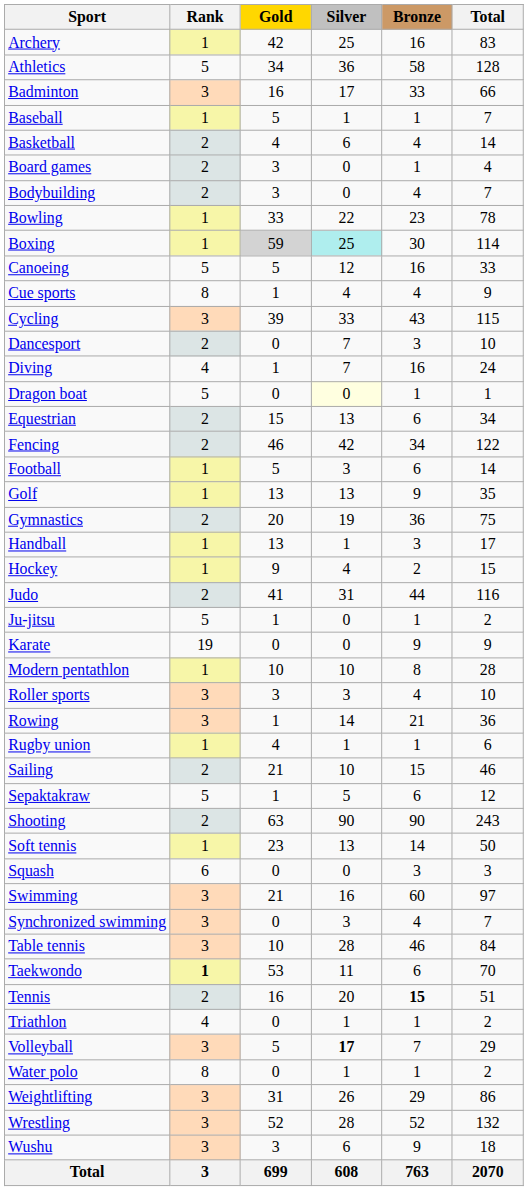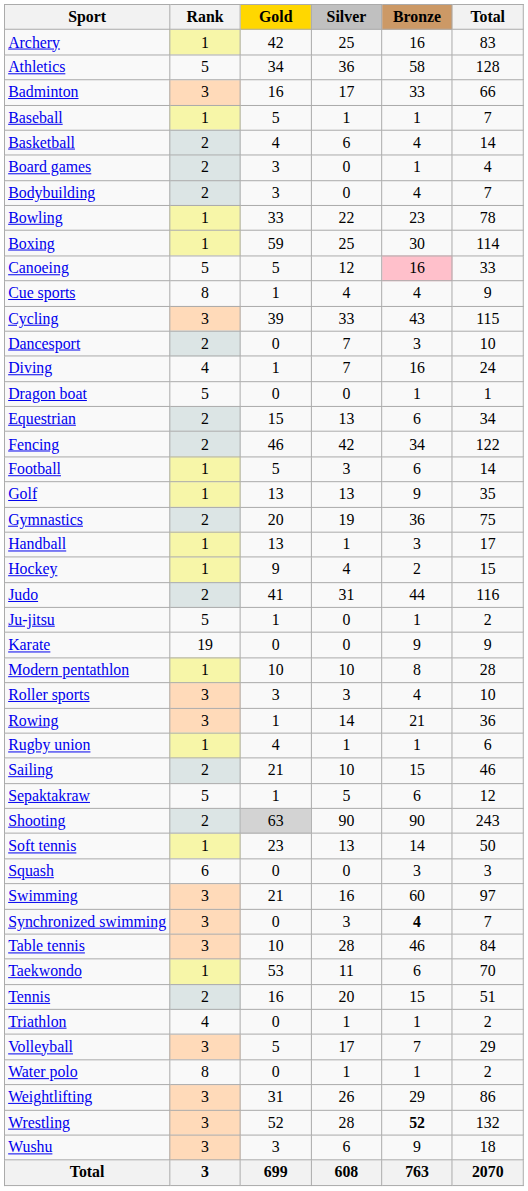 <table class="wikitable sortable" style="margin-top:0em; text-align:center; font-size:100%;">
 <tr>
 <th>Sport</th>
 <th style="width:4em;">Rank</th>
 <th style="background:gold; width:4em;"><strong>Gold</strong></th>
 <th style="background:silver; width:4em;"><strong>Silver</strong></th>
 <th style="background:#cc9966; width:4em;"><strong>Bronze</strong></th>
 <th style="width:4em;">Total</th>
 </tr>
 <tr>
 <td align=left><a href='#'>Archery</a></td>
 <td bgcolor=f7f6a8>1</td>
 <td>42</td>
 <td>25</td>
 <td>16</td>
 <td>83</td>
 </tr>
 <tr>
 <td align=left><a href='#'>Athletics</a></td>
 <td>5</td>
 <td>34</td>
 <td>36</td>
 <td>58</td>
 <td>128</td>
 </tr>
 <tr>
 <td align=left><a href='#'>Badminton</a></td>
 <td bgcolor=ffdab9>3</td>
 <td>16</td>
 <td>17</td>
 <td>33</td>
 <td>66</td>
 </tr>
 <tr>
 <td align=left><a href='#'>Baseball</a></td>
 <td bgcolor=f7f6a8>1</td>
 <td>5</td>
 <td>1</td>
 <td>1</td>
 <td>7</td>
 </tr>
 <tr>
 <td align=left><a href='#'>Basketball</a></td>
 <td bgcolor=dce5e5>2</td>
 <td>4</td>
 <td>6</td>
 <td>4</td>
 <td>14</td>
 </tr>
 <tr>
 <td align=left><a href='#'>Board games</a></td>
 <td bgcolor=dce5e5>2</td>
 <td>3</td>
 <td>0</td>
 <td>1</td>
 <td>4</td>
 </tr>
 <tr>
 <td align=left><a href='#'>Bodybuilding</a></td>
 <td bgcolor=dce5e5>2</td>
 <td>3</td>
 <td>0</td>
 <td>4</td>
 <td>7</td>
 </tr>
 <tr>
 <td align=left><a href='#'>Bowling</a></td>
 <td bgcolor=f7f6a8>1</td>
 <td>33</td>
 <td>22</td>
 <td>23</td>
 <td>78</td>
 </tr>
 <tr>
 <td align=left><a href='#'>Boxing</a></td>
 <td bgcolor=f7f6a8>1</td>
-<td style="background: lightgrey;">59</td>
-<td style="background: paleturquoise;">25</td>
+<td>59</td>
+<td>25</td>
 <td>30</td>
 <td>114</td>
 </tr>
 <tr>
 <td align=left><a href='#'>Canoeing</a></td>
 <td>5</td>
 <td>5</td>
 <td>12</td>
-<td>16</td>
+<td style="background: pink;">16</td>
 <td>33</td>
 </tr>
 <tr>
 <td align=left><a href='#'>Cue sports</a></td>
 <td>8</td>
 <td>1</td>
 <td>4</td>
 <td>4</td>
 <td>9</td>
 </tr>
 <tr>
 <td align=left><a href='#'>Cycling</a></td>
 <td bgcolor=ffdab9>3</td>
 <td>39</td>
 <td>33</td>
 <td>43</td>
 <td>115</td>
 </tr>
 <tr>
 <td align=left><a href='#'>Dancesport</a></td>
 <td bgcolor=dce5e5>2</td>
 <td>0</td>
 <td>7</td>
 <td>3</td>
 <td>10</td>
 </tr>
 <tr>
 <td align=left><a href='#'>Diving</a></td>
 <td>4</td>
 <td>1</td>
 <td>7</td>
 <td>16</td>
 <td>24</td>
 </tr>
 <tr>
 <td align=left><a href='#'>Dragon boat</a></td>
 <td>5</td>
 <td>0</td>
-<td style="background: lightyellow;">0</td>
+<td>0</td>
 <td>1</td>
 <td>1</td>
 </tr>
 <tr>
 <td align=left><a href='#'>Equestrian</a></td>
 <td bgcolor=dce5e5>2</td>
 <td>15</td>
 <td>13</td>
 <td>6</td>
 <td>34</td>
 </tr>
 <tr>
 <td align=left><a href='#'>Fencing</a></td>
 <td bgcolor=dce5e5>2</td>
 <td>46</td>
 <td>42</td>
 <td>34</td>
 <td>122</td>
 </tr>
 <tr>
 <td align=left><a href='#'>Football</a></td>
 <td bgcolor=f7f6a8>1</td>
 <td>5</td>
 <td>3</td>
 <td>6</td>
 <td>14</td>
 </tr>
 <tr>
 <td align=left><a href='#'>Golf</a></td>
 <td bgcolor=f7f6a8>1</td>
 <td>13</td>
 <td>13</td>
 <td>9</td>
 <td>35</td>
 </tr>
 <tr>
 <td align=left><a href='#'>Gymnastics</a></td>
 <td bgcolor=dce5e5>2</td>
 <td>20</td>
 <td>19</td>
 <td>36</td>
 <td>75</td>
 </tr>
 <tr>
 <td align=left><a href='#'>Handball</a></td>
 <td bgcolor=f7f6a8>1</td>
 <td>13</td>
 <td>1</td>
 <td>3</td>
 <td>17</td>
 </tr>
 <tr>
 <td align=left><a href='#'>Hockey</a></td>
 <td bgcolor=f7f6a8>1</td>
 <td>9</td>
 <td>4</td>
 <td>2</td>
 <td>15</td>
 </tr>
 <tr>
 <td align=left><a href='#'>Judo</a></td>
 <td bgcolor=dce5e5>2</td>
 <td>41</td>
 <td>31</td>
 <td>44</td>
 <td>116</td>
 </tr>
 <tr>
 <td align=left><a href='#'>Ju-jitsu</a></td>
 <td>5</td>
 <td>1</td>
 <td>0</td>
 <td>1</td>
 <td>2</td>
 </tr>
 <tr>
 <td align=left><a href='#'>Karate</a></td>
 <td>19</td>
 <td>0</td>
 <td>0</td>
 <td>9</td>
 <td>9</td>
 </tr>
 <tr>
 <td align=left><a href='#'>Modern pentathlon</a></td>
 <td bgcolor=f7f6a8>1</td>
 <td>10</td>
 <td>10</td>
 <td>8</td>
 <td>28</td>
 </tr>
 <tr>
 <td align=left><a href='#'>Roller sports</a></td>
 <td bgcolor=ffdab9>3</td>
 <td>3</td>
 <td>3</td>
 <td>4</td>
 <td>10</td>
 </tr>
 <tr>
 <td align=left><a href='#'>Rowing</a></td>
 <td bgcolor=ffdab9>3</td>
 <td>1</td>
 <td>14</td>
 <td>21</td>
 <td>36</td>
 </tr>
 <tr>
 <td align=left><a href='#'>Rugby union</a></td>
 <td bgcolor=f7f6a8>1</td>
 <td>4</td>
 <td>1</td>
 <td>1</td>
 <td>6</td>
 </tr>
 <tr>
 <td align=left><a href='#'>Sailing</a></td>
 <td bgcolor=dce5e5>2</td>
 <td>21</td>
 <td>10</td>
 <td>15</td>
 <td>46</td>
 </tr>
 <tr>
 <td align=left><a href='#'>Sepaktakraw</a></td>
 <td>5</td>
 <td>1</td>
 <td>5</td>
 <td>6</td>
 <td>12</td>
 </tr>
 <tr>
 <td align=left><a href='#'>Shooting</a></td>
 <td bgcolor=dce5e5>2</td>
-<td>63</td>
+<td style="background: lightgrey;">63</td>
 <td>90</td>
 <td>90</td>
 <td>243</td>
 </tr>
 <tr>
 <td align=left><a href='#'>Soft tennis</a></td>
 <td bgcolor=f7f6a8>1</td>
 <td>23</td>
 <td>13</td>
 <td>14</td>
 <td>50</td>
 </tr>
 <tr>
 <td align=left><a href='#'>Squash</a></td>
 <td>6</td>
 <td>0</td>
 <td>0</td>
 <td>3</td>
 <td>3</td>
 </tr>
 <tr>
 <td align=left><a href='#'>Swimming</a></td>
 <td bgcolor=ffdab9>3</td>
 <td>21</td>
 <td>16</td>
 <td>60</td>
 <td>97</td>
 </tr>
 <tr>
 <td align=left><a href='#'>Synchronized swimming</a></td>
 <td bgcolor=ffdab9>3</td>
 <td>0</td>
 <td>3</td>
-<td>4</td>
+<td><strong>4</strong></td>
 <td>7</td>
 </tr>
 <tr>
 <td align=left><a href='#'>Table tennis</a></td>
 <td bgcolor=ffdab9>3</td>
 <td>10</td>
 <td>28</td>
 <td>46</td>
 <td>84</td>
 </tr>
 <tr>
 <td align=left><a href='#'>Taekwondo</a></td>
-<td bgcolor=f7f6a8><strong>1</strong></td>
+<td bgcolor=f7f6a8>1</td>
 <td>53</td>
 <td>11</td>
 <td>6</td>
 <td>70</td>
 </tr>
 <tr>
 <td align=left><a href='#'>Tennis</a></td>
 <td bgcolor=dce5e5>2</td>
 <td>16</td>
 <td>20</td>
-<td><strong>15</strong></td>
+<td>15</td>
 <td>51</td>
 </tr>
 <tr>
 <td align=left><a href='#'>Triathlon</a></td>
 <td>4</td>
 <td>0</td>
 <td>1</td>
 <td>1</td>
 <td>2</td>
 </tr>
 <tr>
 <td align=left><a href='#'>Volleyball</a></td>
 <td bgcolor=ffdab9>3</td>
 <td>5</td>
-<td><strong>17</strong></td>
+<td>17</td>
 <td>7</td>
 <td>29</td>
 </tr>
 <tr>
 <td align=left><a href='#'>Water polo</a></td>
 <td>8</td>
 <td>0</td>
 <td>1</td>
 <td>1</td>
 <td>2</td>
 </tr>
 <tr>
 <td align=left><a href='#'>Weightlifting</a></td>
 <td bgcolor=ffdab9>3</td>
 <td>31</td>
 <td>26</td>
 <td>29</td>
 <td>86</td>
 </tr>
 <tr>
 <td align=left><a href='#'>Wrestling</a></td>
 <td bgcolor=ffdab9>3</td>
 <td>52</td>
 <td>28</td>
-<td>52</td>
+<td><strong>52</strong></td>
 <td>132</td>
 </tr>
 <tr>
 <td align=left><a href='#'>Wushu</a></td>
 <td bgcolor=ffdab9>3</td>
 <td>3</td>
 <td>6</td>
 <td>9</td>
 <td>18</td>
 </tr>
 <tr>
 <th>Total</th>
 <th>3</th>
 <th>699</th>
 <th>608</th>
 <th>763</th>
 <th>2070</th>
 </tr>
 </table>
